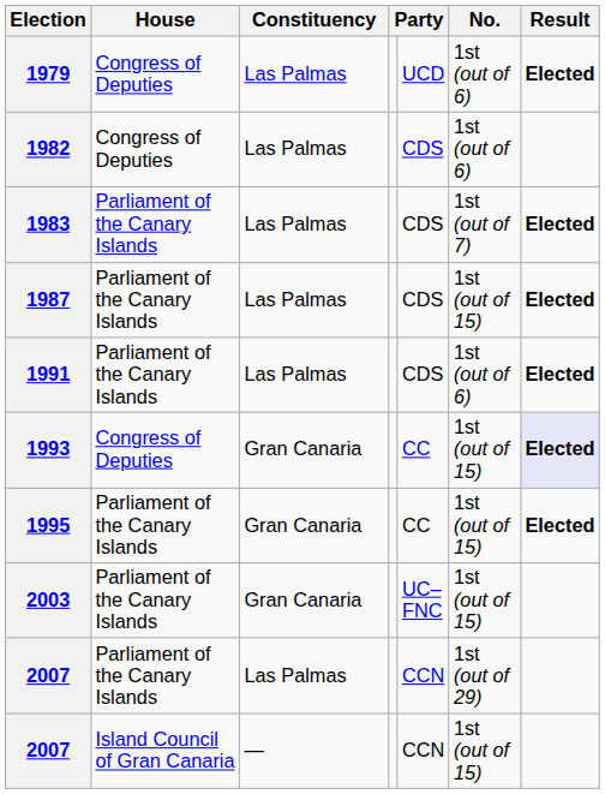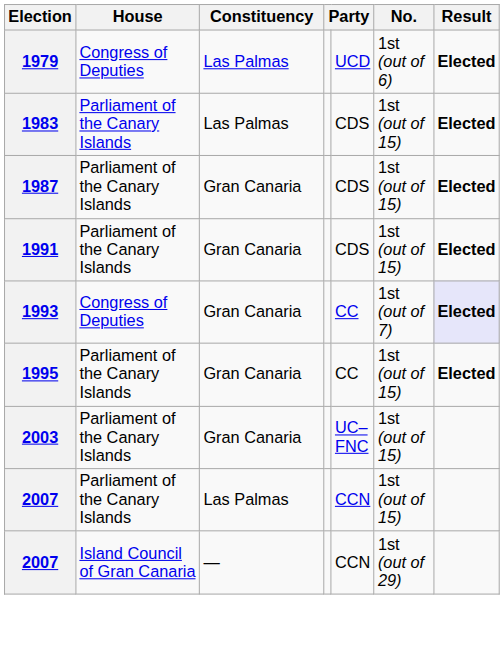 <table class="wikitable" style="width:55%; border:1px #AAAAFF solid">
 <tr>
 <th width="12%">Election</th>
 <th width="25%">House</th>
 <th width="25%">Constituency</th>
 <th width="5%" colspan="2">Party</th>
 <th width="12%">No.</th>
 <th width="12%">Result</th>
 </tr>
 <tr>
 <th><a href='#'>1979</a></th>
 <td><a href='#'>Congress of Deputies</a></td>
 <td><a href='#'>Las Palmas</a></td>
 <td></td>
 <td><a href='#'>UCD</a></td>
 <td>1st <em>(out of 6)</em></td>
 <td> <strong>Elected</strong></td>
 </tr>
 <tr>
-<th><a href='#'>1982</a></th>
-<td>Congress of Deputies</td>
-<td>Las Palmas</td>
-<td></td>
-<td><a href='#'>CDS</a></td>
-<td>1st <em>(out of 6)</em></td>
-<td></td>
-</tr>
-<tr>
 <th><a href='#'>1983</a></th>
 <td><a href='#'>Parliament of the Canary Islands</a></td>
 <td>Las Palmas</td>
 <td></td>
 <td>CDS</td>
-<td>1st <em>(out of 7)</em></td>
+<td>1st <em>(out of 15)</em></td>
 <td> <strong>Elected</strong></td>
 </tr>
 <tr>
 <th><a href='#'>1987</a></th>
 <td>Parliament of the Canary Islands</td>
-<td>Las Palmas</td>
+<td>Gran Canaria</td>
 <td></td>
 <td>CDS</td>
 <td>1st <em>(out of 15)</em></td>
 <td> <strong>Elected</strong></td>
 </tr>
 <tr>
 <th><a href='#'>1991</a></th>
 <td>Parliament of the Canary Islands</td>
-<td>Las Palmas</td>
+<td>Gran Canaria</td>
 <td></td>
 <td>CDS</td>
-<td>1st <em>(out of 6)</em></td>
+<td>1st <em>(out of 15)</em></td>
 <td> <strong>Elected</strong></td>
 </tr>
 <tr>
 <th><a href='#'>1993</a></th>
 <td><a href='#'>Congress of Deputies</a></td>
 <td>Gran Canaria</td>
 <td></td>
 <td><a href='#'>CC</a></td>
-<td>1st <em>(out of 15)</em></td>
+<td>1st <em>(out of 7)</em></td>
 <td style="background: lavender;"> <strong>Elected</strong></td>
 </tr>
 <tr>
 <th><a href='#'>1995</a></th>
 <td>Parliament of the Canary Islands</td>
 <td>Gran Canaria</td>
 <td></td>
 <td>CC</td>
 <td>1st <em>(out of 15)</em></td>
 <td> <strong>Elected</strong></td>
 </tr>
 <tr>
 <th><a href='#'>2003</a></th>
 <td>Parliament of the Canary Islands</td>
 <td>Gran Canaria</td>
 <td></td>
 <td><a href='#'>UC–FNC</a></td>
 <td>1st <em>(out of 15)</em></td>
 <td></td>
 </tr>
 <tr>
 <th><a href='#'>2007</a></th>
 <td>Parliament of the Canary Islands</td>
 <td>Las Palmas</td>
 <td></td>
 <td><a href='#'>CCN</a></td>
-<td>1st <em>(out of 29)</em></td>
+<td>1st <em>(out of 15)</em></td>
 <td></td>
 </tr>
 <tr>
 <th><a href='#'>2007</a></th>
 <td><a href='#'>Island Council of Gran Canaria</a></td>
 <td>—</td>
 <td></td>
 <td>CCN</td>
-<td>1st <em>(out of 15)</em></td>
+<td>1st <em>(out of 29)</em></td>
 <td></td>
 </tr>
 </table>
